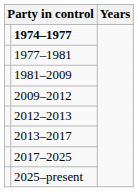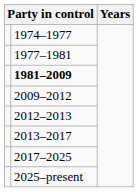 <table class="wikitable">
 <tr>
 <th colspan=2>Party in control</th>
 <th>Years</th>
 </tr>
 <tr>
 <td></td>
-<td><strong>1974–1977</strong></td>
+<td>1974–1977</td>
 </tr>
 <tr>
 <td></td>
 <td>1977–1981</td>
 </tr>
 <tr>
 <td></td>
-<td>1981–2009</td>
+<td><strong>1981–2009</strong></td>
 </tr>
 <tr>
 <td></td>
 <td>2009–2012</td>
 </tr>
 <tr>
 <td></td>
 <td>2012–2013</td>
 </tr>
 <tr>
 <td></td>
 <td>2013–2017</td>
 </tr>
 <tr>
 <td></td>
 <td>2017–2025</td>
 </tr>
 <tr>
 <td></td>
 <td>2025–present</td>
 </tr>
 </table>
